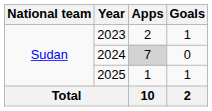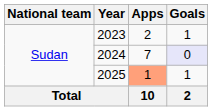 <table class="wikitable" style="text-align: center;">
 <tr>
 <th>National team</th>
 <th>Year</th>
 <th>Apps</th>
 <th>Goals</th>
 </tr>
 <tr>
 <td rowspan="3"><a href='#'>Sudan</a></td>
 <td>2023</td>
 <td>2</td>
 <td>1</td>
 </tr>
 <tr>
 <td>2024</td>
-<td style="background: lightgrey;">7</td>
-<td>0</td>
+<td>7</td>
+<td style="background: lavender;">0</td>
 </tr>
 <tr>
 <td>2025</td>
-<td>1</td>
+<td style="background: lightsalmon;">1</td>
 <td>1</td>
 </tr>
 <tr>
 <th colspan="2">Total</th>
 <th>10</th>
 <th>2</th>
 </tr>
 </table>
